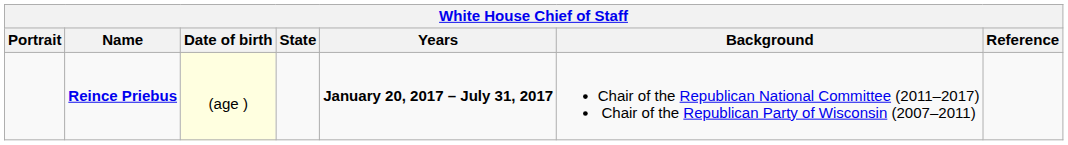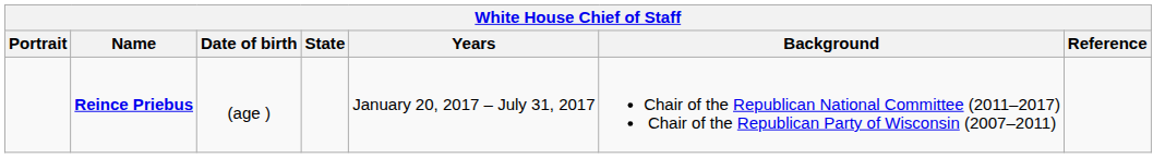 <table class="wikitable collapsible" style="text-align:center;">
 <tr>
 <th colspan="8"><a href='#'>White House Chief of Staff</a></th>
 </tr>
 <tr>
 <th>Portrait</th>
 <th>Name</th>
 <th>Date of birth</th>
 <th>State</th>
 <th>Years</th>
 <th>Background</th>
 <th>Reference</th>
 </tr>
 <tr>
 <td></td>
 <td><strong><a href='#'>Reince Priebus</a></strong></td>
-<td style="background: lightyellow;"><br>(age )</td>
+<td><br>(age )</td>
 <td></td>
-<td nowrap=""><strong>January 20, 2017 – July 31, 2017</strong></td>
+<td nowrap="">January 20, 2017 – July 31, 2017</td>
 <td><br><ul><li>Chair of the <a href='#'>Republican National Committee</a> (2011–2017)</li><li>Chair of the <a href='#'>Republican Party of Wisconsin</a> (2007–2011)</li></ul></td>
 <td></td>
 </tr>
 </table>
